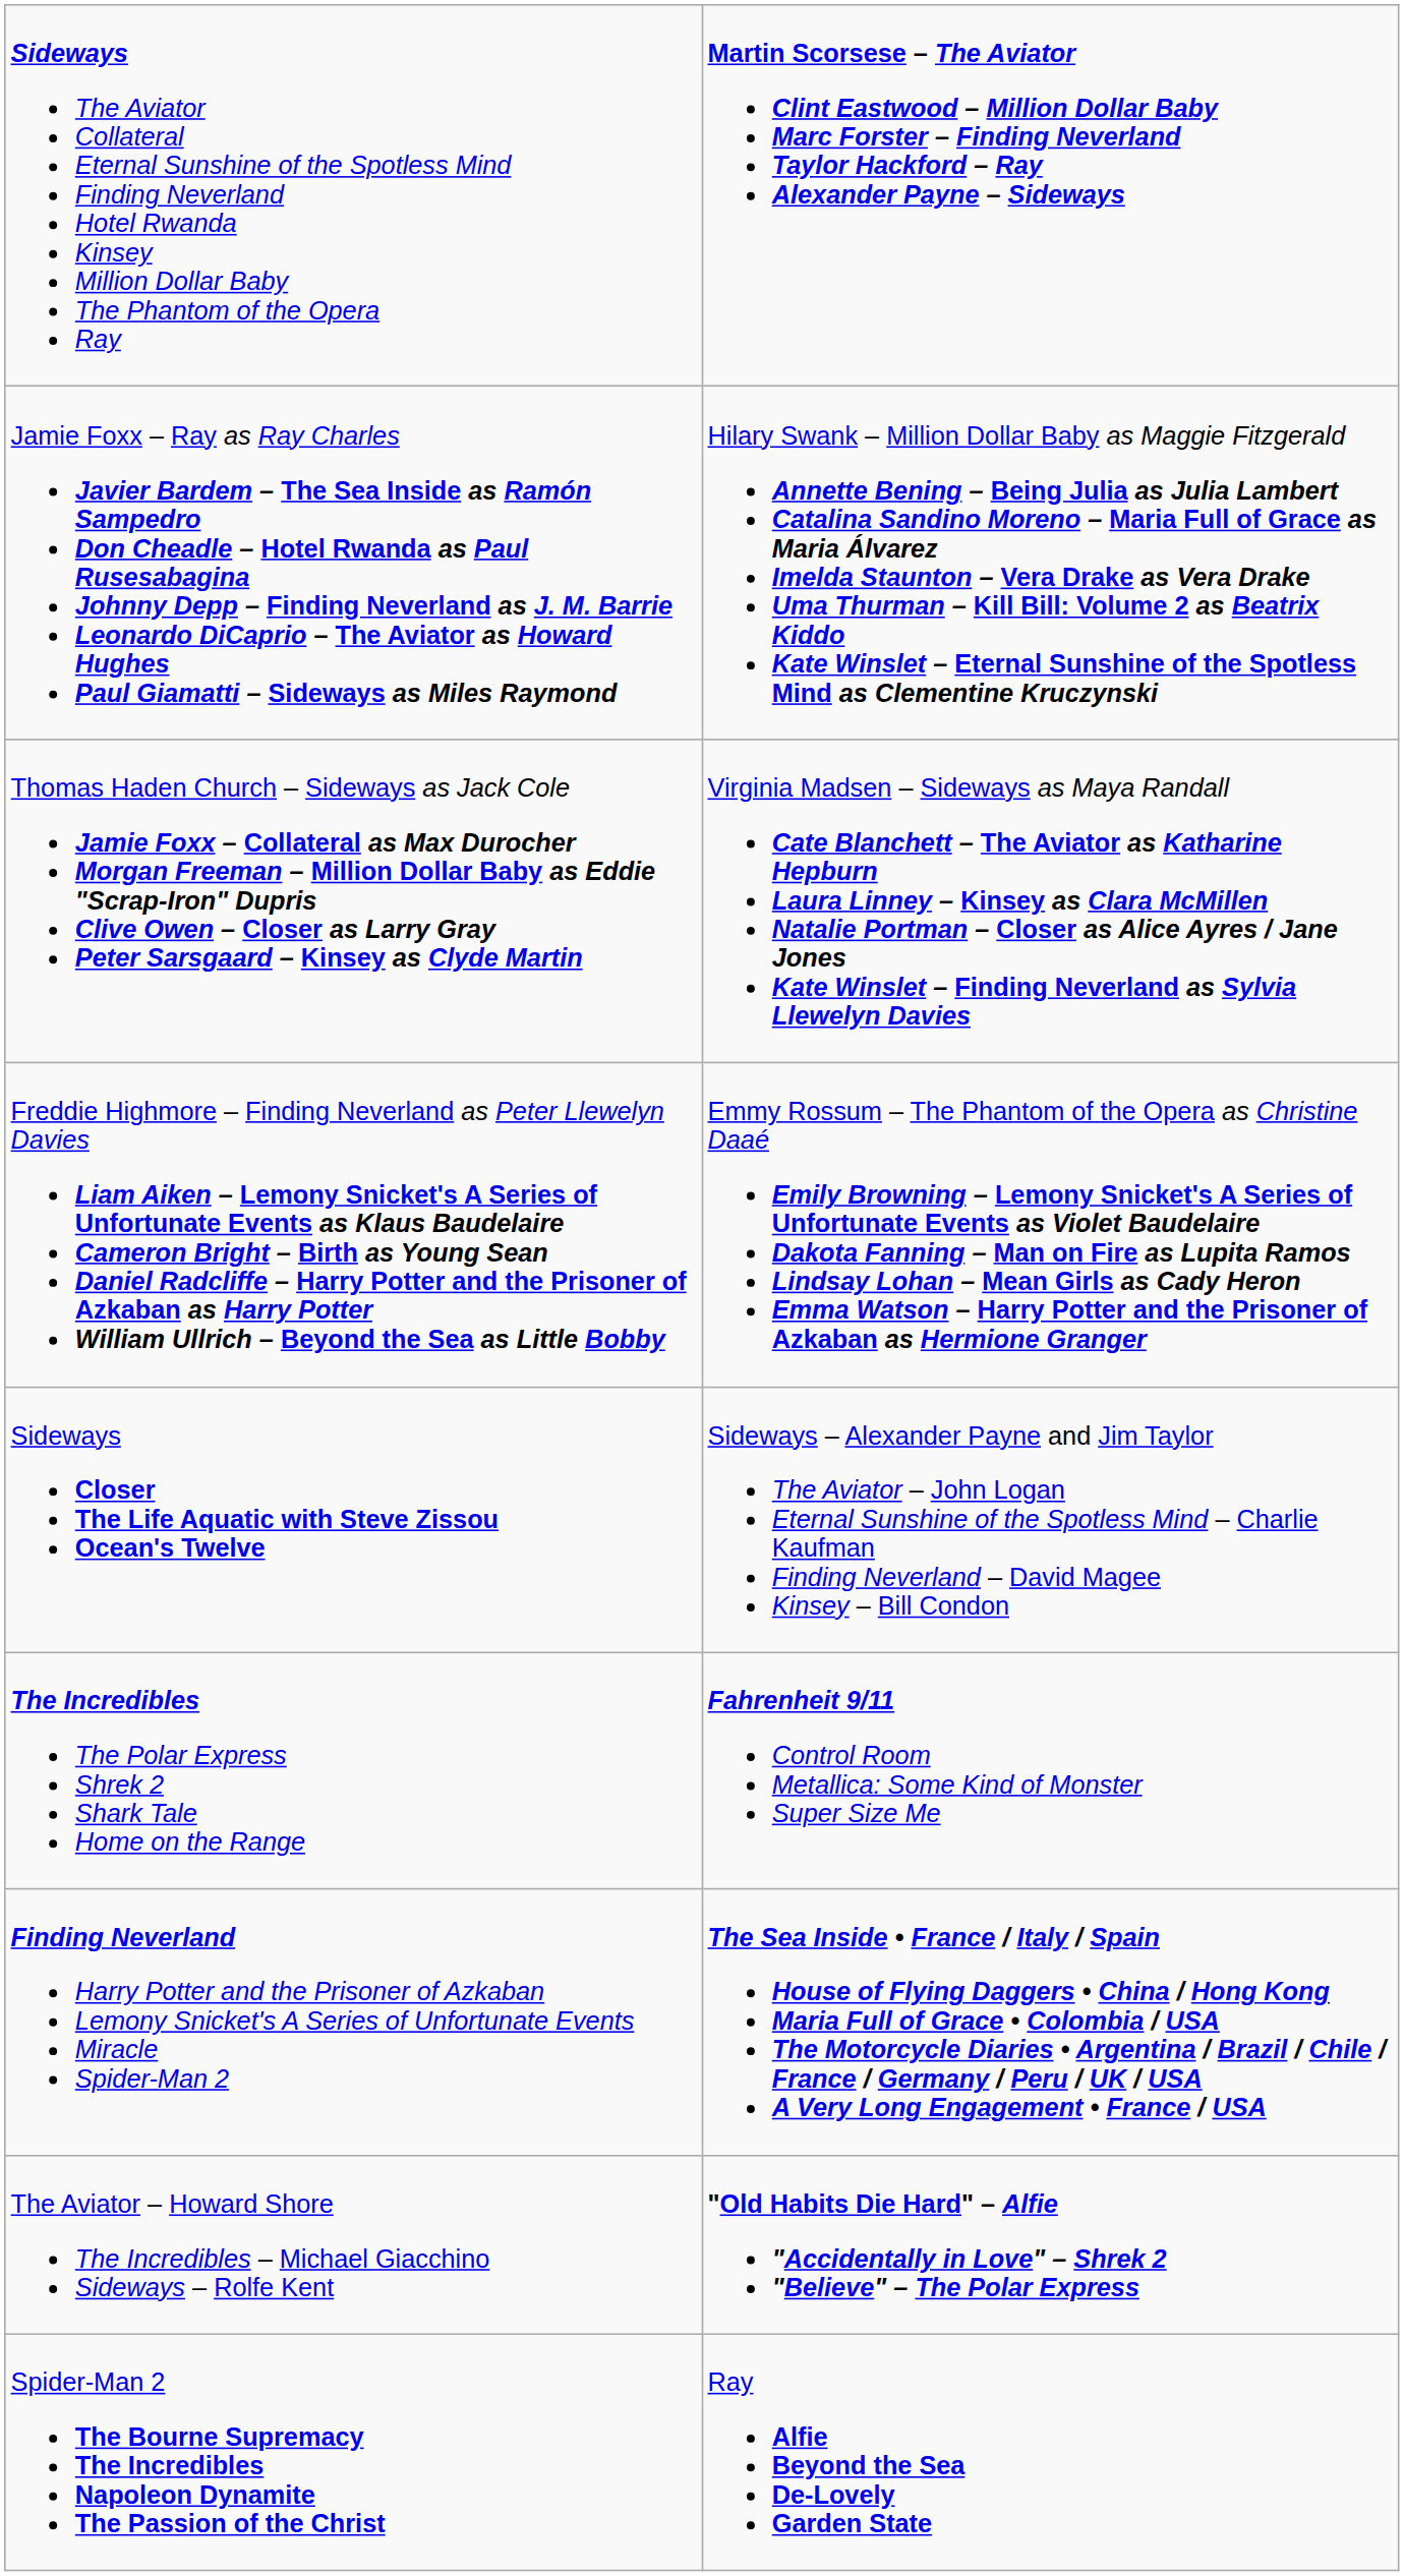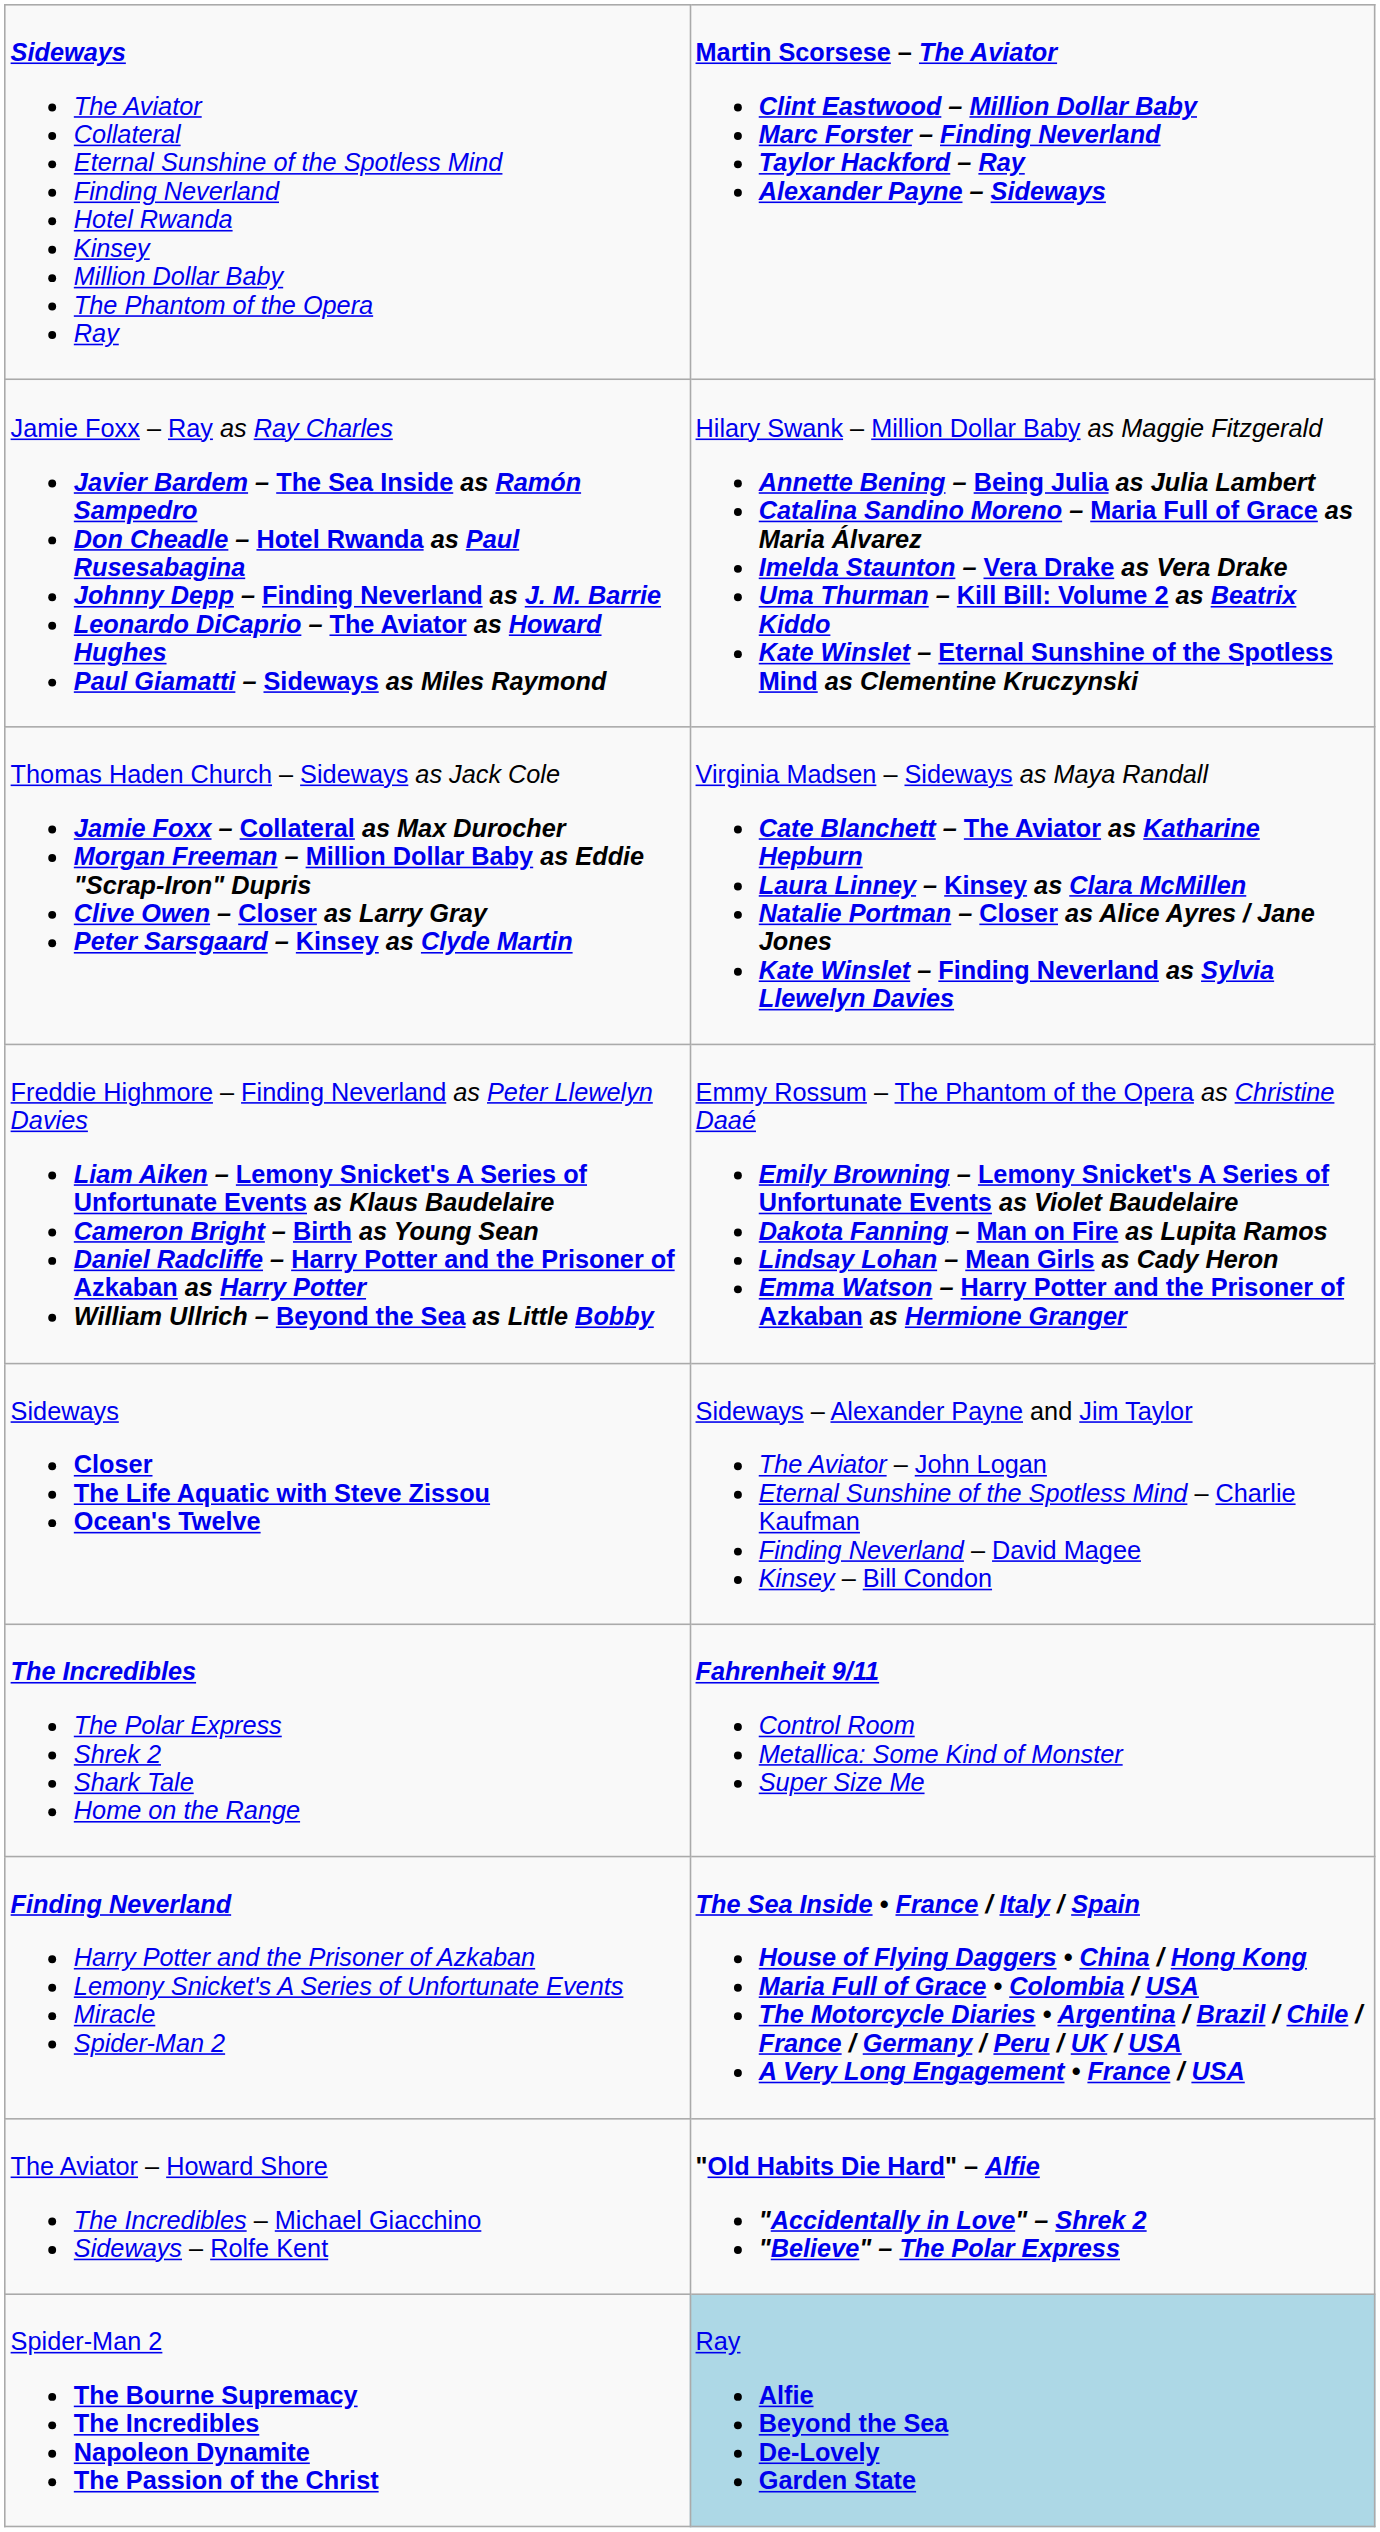 <table class=wikitable>
 <tr>
 <td valign="top" width="50%"><br><strong><em><a href='#'>Sideways</a></em></strong><ul><li><em><a href='#'>The Aviator</a></em></li><li><em><a href='#'>Collateral</a></em></li><li><em><a href='#'>Eternal Sunshine of the Spotless Mind</a></em></li><li><em><a href='#'>Finding Neverland</a></em></li><li><em><a href='#'>Hotel Rwanda</a></em></li><li><em><a href='#'>Kinsey</a></em></li><li><em><a href='#'>Million Dollar Baby</a></em></li><li><em><a href='#'>The Phantom of the Opera</a></em></li><li><em><a href='#'>Ray</a></em></li></ul></td>
 <td valign="top" width="50%"><br><strong><a href='#'>Martin Scorsese</a> – <em><a href='#'>The Aviator</a><strong><em><ul><li><a href='#'>Clint Eastwood</a> – </em><a href='#'>Million Dollar Baby</a><em></li><li><a href='#'>Marc Forster</a> – </em><a href='#'>Finding Neverland</a><em></li><li><a href='#'>Taylor Hackford</a> – </em><a href='#'>Ray</a><em></li><li><a href='#'>Alexander Payne</a> – </em><a href='#'>Sideways</a><em></li></ul></td>
 </tr>
 <tr>
 <td valign="top" width="50%"><br></strong><a href='#'>Jamie Foxx</a> – </em><a href='#'>Ray</a><em> as <a href='#'>Ray Charles</a><strong><ul><li><a href='#'>Javier Bardem</a> – </em><a href='#'>The Sea Inside</a><em> as <a href='#'>Ramón Sampedro</a></li><li><a href='#'>Don Cheadle</a> – </em><a href='#'>Hotel Rwanda</a><em> as <a href='#'>Paul Rusesabagina</a></li><li><a href='#'>Johnny Depp</a> – </em><a href='#'>Finding Neverland</a><em> as <a href='#'>J. M. Barrie</a></li><li><a href='#'>Leonardo DiCaprio</a> – </em><a href='#'>The Aviator</a><em> as <a href='#'>Howard Hughes</a></li><li><a href='#'>Paul Giamatti</a> – </em><a href='#'>Sideways</a><em> as Miles Raymond</li></ul></td>
 <td valign="top" width="50%"><br></strong><a href='#'>Hilary Swank</a> – </em><a href='#'>Million Dollar Baby</a><em> as Maggie Fitzgerald<strong><ul><li><a href='#'>Annette Bening</a> – </em><a href='#'>Being Julia</a><em> as Julia Lambert</li><li><a href='#'>Catalina Sandino Moreno</a> – </em><a href='#'>Maria Full of Grace</a><em> as Maria Álvarez</li><li><a href='#'>Imelda Staunton</a> – </em><a href='#'>Vera Drake</a><em> as Vera Drake</li><li><a href='#'>Uma Thurman</a> – </em><a href='#'>Kill Bill: Volume 2</a><em> as <a href='#'>Beatrix Kiddo</a></li><li><a href='#'>Kate Winslet</a> – </em><a href='#'>Eternal Sunshine of the Spotless Mind</a><em> as Clementine Kruczynski</li></ul></td>
 </tr>
 <tr>
 <td valign="top" width="50%"><br></strong><a href='#'>Thomas Haden Church</a> – </em><a href='#'>Sideways</a><em> as Jack Cole<strong><ul><li><a href='#'>Jamie Foxx</a> – </em><a href='#'>Collateral</a><em> as Max Durocher</li><li><a href='#'>Morgan Freeman</a> – </em><a href='#'>Million Dollar Baby</a><em> as Eddie "Scrap-Iron" Dupris</li><li><a href='#'>Clive Owen</a> – </em><a href='#'>Closer</a><em> as Larry Gray</li><li><a href='#'>Peter Sarsgaard</a> – </em><a href='#'>Kinsey</a><em> as <a href='#'>Clyde Martin</a></li></ul></td>
 <td valign="top" width="50%"><br></strong><a href='#'>Virginia Madsen</a> – </em><a href='#'>Sideways</a><em> as Maya Randall<strong><ul><li><a href='#'>Cate Blanchett</a> – </em><a href='#'>The Aviator</a><em> as <a href='#'>Katharine Hepburn</a></li><li><a href='#'>Laura Linney</a> – </em><a href='#'>Kinsey</a><em> as <a href='#'>Clara McMillen</a></li><li><a href='#'>Natalie Portman</a> – </em><a href='#'>Closer</a><em> as Alice Ayres / Jane Jones</li><li><a href='#'>Kate Winslet</a> – </em><a href='#'>Finding Neverland</a><em> as <a href='#'>Sylvia Llewelyn Davies</a></li></ul></td>
 </tr>
 <tr>
 <td valign="top" width="50%"><br></strong><a href='#'>Freddie Highmore</a> – </em><a href='#'>Finding Neverland</a><em> as <a href='#'>Peter Llewelyn Davies</a><strong><ul><li><a href='#'>Liam Aiken</a> – </em><a href='#'>Lemony Snicket's A Series of Unfortunate Events</a><em> as Klaus Baudelaire</li><li><a href='#'>Cameron Bright</a> – </em><a href='#'>Birth</a><em> as Young Sean</li><li><a href='#'>Daniel Radcliffe</a> – </em><a href='#'>Harry Potter and the Prisoner of Azkaban</a><em> as <a href='#'>Harry Potter</a></li><li>William Ullrich – </em><a href='#'>Beyond the Sea</a><em> as Little <a href='#'>Bobby</a></li></ul></td>
 <td valign="top" width="50%"><br></strong><a href='#'>Emmy Rossum</a> – </em><a href='#'>The Phantom of the Opera</a><em> as <a href='#'>Christine Daaé</a><strong><ul><li><a href='#'>Emily Browning</a> – </em><a href='#'>Lemony Snicket's A Series of Unfortunate Events</a><em> as Violet Baudelaire</li><li><a href='#'>Dakota Fanning</a> – </em><a href='#'>Man on Fire</a><em> as Lupita Ramos</li><li><a href='#'>Lindsay Lohan</a> – </em><a href='#'>Mean Girls</a><em> as Cady Heron</li><li><a href='#'>Emma Watson</a> – </em><a href='#'>Harry Potter and the Prisoner of Azkaban</a><em> as <a href='#'>Hermione Granger</a></li></ul></td>
 </tr>
 <tr>
 <td valign="top" width="50%"><br></em></strong><a href='#'>Sideways</a><strong><em><ul><li></em><a href='#'>Closer</a><em></li><li></em><a href='#'>The Life Aquatic with Steve Zissou</a><em></li><li></em><a href='#'>Ocean's Twelve</a><em></li></ul></td>
 <td valign="top" width="50%"><br></em></strong><a href='#'>Sideways</a></em> – <a href='#'>Alexander Payne</a> and <a href='#'>Jim Taylor</a></strong><ul><li><em><a href='#'>The Aviator</a></em> – <a href='#'>John Logan</a></li><li><em><a href='#'>Eternal Sunshine of the Spotless Mind</a></em> – <a href='#'>Charlie Kaufman</a></li><li><em><a href='#'>Finding Neverland</a></em> – <a href='#'>David Magee</a></li><li><em><a href='#'>Kinsey</a></em> – <a href='#'>Bill Condon</a></li></ul></td>
 </tr>
 <tr>
 <td valign="top" width="50%"><br><strong><em><a href='#'>The Incredibles</a></em></strong><ul><li><em><a href='#'>The Polar Express</a></em></li><li><em><a href='#'>Shrek 2</a></em></li><li><em><a href='#'>Shark Tale</a></em></li><li><em><a href='#'>Home on the Range</a></em></li></ul></td>
 <td valign="top" width="50%"><br><strong><em><a href='#'>Fahrenheit 9/11</a></em></strong><ul><li><em><a href='#'>Control Room</a></em></li><li><em><a href='#'>Metallica: Some Kind of Monster</a></em></li><li><em><a href='#'>Super Size Me</a></em></li></ul></td>
 </tr>
 <tr>
 <td valign="top" width="50%"><br><strong><em><a href='#'>Finding Neverland</a></em></strong><ul><li><em><a href='#'>Harry Potter and the Prisoner of Azkaban</a></em></li><li><em><a href='#'>Lemony Snicket's A Series of Unfortunate Events</a></em></li><li><em><a href='#'>Miracle</a></em></li><li><em><a href='#'>Spider-Man 2</a></em></li></ul></td>
 <td valign="top" width="50%"><br><strong><em><a href='#'>The Sea Inside</a><em> • <a href='#'>France</a> / <a href='#'>Italy</a> / <a href='#'>Spain</a><strong><ul><li></em><a href='#'>House of Flying Daggers</a><em> • <a href='#'>China</a> / <a href='#'>Hong Kong</a></li><li></em><a href='#'>Maria Full of Grace</a><em> • <a href='#'>Colombia</a> / <a href='#'>USA</a></li><li></em><a href='#'>The Motorcycle Diaries</a><em> • <a href='#'>Argentina</a> / <a href='#'>Brazil</a> / <a href='#'>Chile</a> / <a href='#'>France</a> / <a href='#'>Germany</a> / <a href='#'>Peru</a> / <a href='#'>UK</a> / <a href='#'>USA</a></li><li></em><a href='#'>A Very Long Engagement</a><em> • <a href='#'>France</a> / <a href='#'>USA</a></li></ul></td>
 </tr>
 <tr>
 <td valign="top" width="50%"><br></em></strong><a href='#'>The Aviator</a></em> – <a href='#'>Howard Shore</a></strong><ul><li><em><a href='#'>The Incredibles</a></em> – <a href='#'>Michael Giacchino</a></li><li><em><a href='#'>Sideways</a></em> – <a href='#'>Rolfe Kent</a></li></ul></td>
 <td valign="top" width="50%"><br><strong>"<a href='#'>Old Habits Die Hard</a>" – <em><a href='#'>Alfie</a><strong><em><ul><li>"<a href='#'>Accidentally in Love</a>" – </em><a href='#'>Shrek 2</a><em></li><li>"<a href='#'>Believe</a>" – </em><a href='#'>The Polar Express</a><em></li></ul></td>
 </tr>
 <tr>
 <td valign="top" width="50%"><br></em></strong><a href='#'>Spider-Man 2</a><strong><em><ul><li></em><a href='#'>The Bourne Supremacy</a><em></li><li></em><a href='#'>The Incredibles</a><em></li><li></em><a href='#'>Napoleon Dynamite</a><em></li><li></em><a href='#'>The Passion of the Christ</a><em></li></ul></td>
-<td valign="top" width="50%"><br></em></strong><a href='#'>Ray</a><strong><em><ul><li></em><a href='#'>Alfie</a><em></li><li></em><a href='#'>Beyond the Sea</a><em></li><li></em><a href='#'>De-Lovely</a><em></li><li></em><a href='#'>Garden State</a><em></li></ul></td>
+<td valign="top" width="50%" style="background: lightblue;"><br></em></strong><a href='#'>Ray</a><strong><em><ul><li></em><a href='#'>Alfie</a><em></li><li></em><a href='#'>Beyond the Sea</a><em></li><li></em><a href='#'>De-Lovely</a><em></li><li></em><a href='#'>Garden State</a><em></li></ul></td>
 </tr>
 </table>
